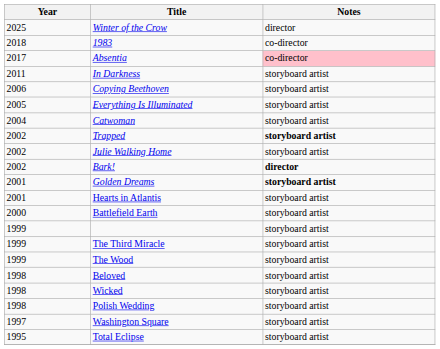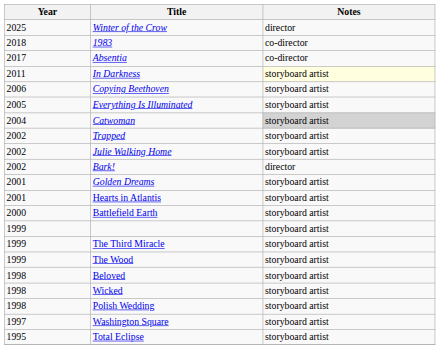 <table class="wikitable" style="width:80%;" "text-align:center;">
 <tr>
 <th style="width:20%;">Year</th>
 <th style="width:40%;">Title</th>
 <th style="width:40%;">Notes</th>
 </tr>
 <tr>
 <td>2025</td>
 <td><em><a href='#'>Winter of the Crow</a></em></td>
 <td>director</td>
 </tr>
 <tr>
 <td>2018</td>
 <td><em><a href='#'>1983</a></em></td>
 <td>co-director</td>
 </tr>
 <tr>
 <td>2017</td>
 <td><em><a href='#'>Absentia</a></em></td>
-<td style="background: pink;">co-director</td>
+<td>co-director</td>
 </tr>
 <tr>
 <td>2011</td>
 <td><em><a href='#'>In Darkness</a></em></td>
-<td>storyboard artist</td>
+<td style="background: lightyellow;">storyboard artist</td>
 </tr>
 <tr>
 <td>2006</td>
 <td><em><a href='#'>Copying Beethoven</a></em></td>
 <td>storyboard artist</td>
 </tr>
 <tr>
 <td>2005</td>
 <td><em><a href='#'>Everything Is Illuminated</a></em></td>
 <td>storyboard artist</td>
 </tr>
 <tr>
 <td>2004</td>
 <td><em><a href='#'>Catwoman</a></em></td>
-<td>storyboard artist</td>
+<td style="background: lightgrey;">storyboard artist</td>
 </tr>
 <tr>
 <td>2002</td>
 <td><em><a href='#'>Trapped</a></em></td>
-<td><strong>storyboard artist</strong></td>
+<td>storyboard artist</td>
 </tr>
 <tr>
 <td>2002</td>
 <td><em><a href='#'>Julie Walking Home</a></em></td>
 <td>storyboard artist</td>
 </tr>
 <tr>
 <td>2002</td>
 <td><em><a href='#'>Bark!</a></em></td>
-<td><strong>director</strong></td>
+<td>director</td>
 </tr>
 <tr>
 <td>2001</td>
 <td><em><a href='#'>Golden Dreams</a><strong></td>
-<td><strong>storyboard artist</strong></td>
+<td>storyboard artist</td>
 </tr>
 <tr>
 <td>2001</td>
 <td></em><a href='#'>Hearts in Atlantis</a><em></td>
 <td>storyboard artist</td>
 </tr>
 <tr>
 <td>2000</td>
 <td></em><a href='#'>Battlefield Earth</a><em></td>
 <td>storyboard artist</td>
 </tr>
 <tr>
 <td>1999</td>
 <td></em><em></td>
 <td>storyboard artist</td>
 </tr>
 <tr>
 <td>1999</td>
 <td></em><a href='#'>The Third Miracle</a><em></td>
 <td>storyboard artist</td>
 </tr>
 <tr>
 <td>1999</td>
 <td></em><a href='#'>The Wood</a><em></td>
 <td>storyboard artist</td>
 </tr>
 <tr>
 <td>1998</td>
 <td></em><a href='#'>Beloved</a><em></td>
 <td>storyboard artist</td>
 </tr>
 <tr>
 <td>1998</td>
 <td></em><a href='#'>Wicked</a><em></td>
 <td>storyboard artist</td>
 </tr>
 <tr>
 <td>1998</td>
 <td></em><a href='#'>Polish Wedding</a><em></td>
 <td>storyboard artist</td>
 </tr>
 <tr>
 <td>1997</td>
 <td></em><a href='#'>Washington Square</a><em></td>
 <td>storyboard artist</td>
 </tr>
 <tr>
 <td>1995</td>
 <td></em><a href='#'>Total Eclipse</a><em></td>
 <td>storyboard artist</td>
 </tr>
 <tr>
 </tr>
 </table>
